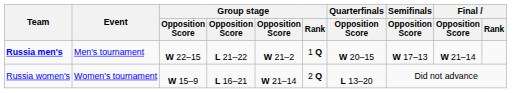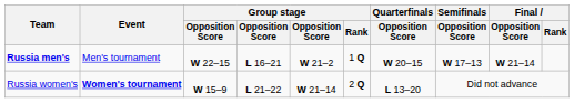 <table class="wikitable" style="text-align:center; font-size:90%">
 <tr>
 <th rowspan=2>Team</th>
 <th rowspan=2>Event</th>
 <th colspan=4>Group stage</th>
 <th>Quarterfinals</th>
 <th>Semifinals</th>
 <th colspan=2>Final / </th>
 </tr>
 <tr style="font-size:95%">
 <th>Opposition<br>Score</th>
 <th>Opposition<br>Score</th>
 <th>Opposition<br>Score</th>
 <th>Rank</th>
 <th>Opposition<br>Score</th>
 <th>Opposition<br>Score</th>
 <th>Opposition<br>Score</th>
 <th>Rank</th>
 </tr>
 <tr>
 <td align=left><strong><a href='#'>Russia men's</a></strong></td>
 <td align=left><a href='#'>Men's tournament</a></td>
 <td><br><strong>W</strong> 22–15</td>
-<td><br><strong>L</strong> 21–22</td>
+<td><br><strong>L</strong> 16–21</td>
 <td><br><strong>W</strong> 21–2</td>
 <td>1 <strong>Q</strong></td>
 <td><br><strong>W</strong> 20–15</td>
 <td><br><strong>W</strong> 17–13</td>
 <td><br><strong>W</strong> 21–14</td>
 <td></td>
 </tr>
 <tr>
 <td align=left><a href='#'>Russia women's</a></td>
-<td align=left><a href='#'>Women's tournament</a></td>
+<td align=left><strong><a href='#'>Women's tournament</a></strong></td>
 <td><br><strong>W</strong> 15–9</td>
-<td><br><strong>L</strong> 16–21</td>
+<td><br><strong>L</strong> 21–22</td>
 <td><br><strong>W</strong> 21–14</td>
 <td>2 <strong>Q</strong></td>
 <td><br><strong>L</strong> 13–20</td>
 <td colspan=3>Did not advance</td>
 </tr>
 </table>
